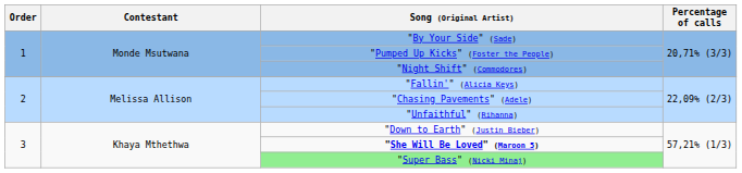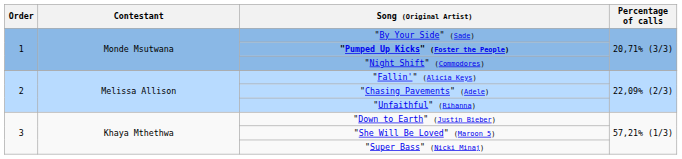 <table class="wikitable" style="font-size:90%; width:75%; text-align: center;">
 <tr>
 <th width="05%">Order</th>
 <th width="30%">Contestant</th>
 <th width="55%">Song <small>(Original Artist)</small></th>
 <th width="15%">Percentage of calls</th>
 </tr>
 <tr bgcolor="#8AB8E6">
 <td rowspan=3>1</td>
 <td rowspan=3>Monde Msutwana</td>
 <td>"<a href='#'>By Your Side</a>" <small>(<a href='#'>Sade</a>)</small></td>
 <td rowspan=3>20,71% (3/3)</td>
 </tr>
 <tr bgcolor="#8AB8E6">
-<td>"<a href='#'>Pumped Up Kicks</a>" <small>(<a href='#'>Foster the People</a>)</small></td>
+<td><strong>"<a href='#'>Pumped Up Kicks</a>" <small>(<a href='#'>Foster the People</a>)</small></strong></td>
 </tr>
 <tr bgcolor="#8AB8E6">
 <td>"<a href='#'>Night Shift</a>" <small>(<a href='#'>Commodores</a>)</small></td>
 </tr>
 <tr>
 </tr>
 <tr bgcolor="B8DBFF">
 <td rowspan=3>2</td>
 <td rowspan=3>Melissa Allison</td>
 <td>"<a href='#'>Fallin'</a>" <small>(<a href='#'>Alicia Keys</a>)</small></td>
 <td rowspan=3>22,09% (2/3)</td>
 </tr>
 <tr bgcolor="B8DBFF">
 <td>"<a href='#'>Chasing Pavements</a>" <small>(<a href='#'>Adele</a>)</small></td>
 </tr>
 <tr bgcolor="B8DBFF">
 <td>"<a href='#'>Unfaithful</a>" <small>(<a href='#'>Rihanna</a>)</small></td>
 </tr>
 <tr>
 <td rowspan=3>3</td>
 <td rowspan=3>Khaya Mthethwa</td>
 <td>"<a href='#'>Down to Earth</a>" <small>(<a href='#'>Justin Bieber</a>)</small></td>
 <td rowspan=3>57,21% (1/3)</td>
 </tr>
 <tr>
-<td><strong>"<a href='#'>She Will Be Loved</a>" <small>(<a href='#'>Maroon 5</a>)</small></strong></td>
+<td>"<a href='#'>She Will Be Loved</a>" <small>(<a href='#'>Maroon 5</a>)</small></td>
 </tr>
 <tr>
-<td style="background: lightgreen;">"<a href='#'>Super Bass</a>" <small>(<a href='#'>Nicki Minaj</a>)</small></td>
+<td>"<a href='#'>Super Bass</a>" <small>(<a href='#'>Nicki Minaj</a>)</small></td>
 </tr>
 </table>
